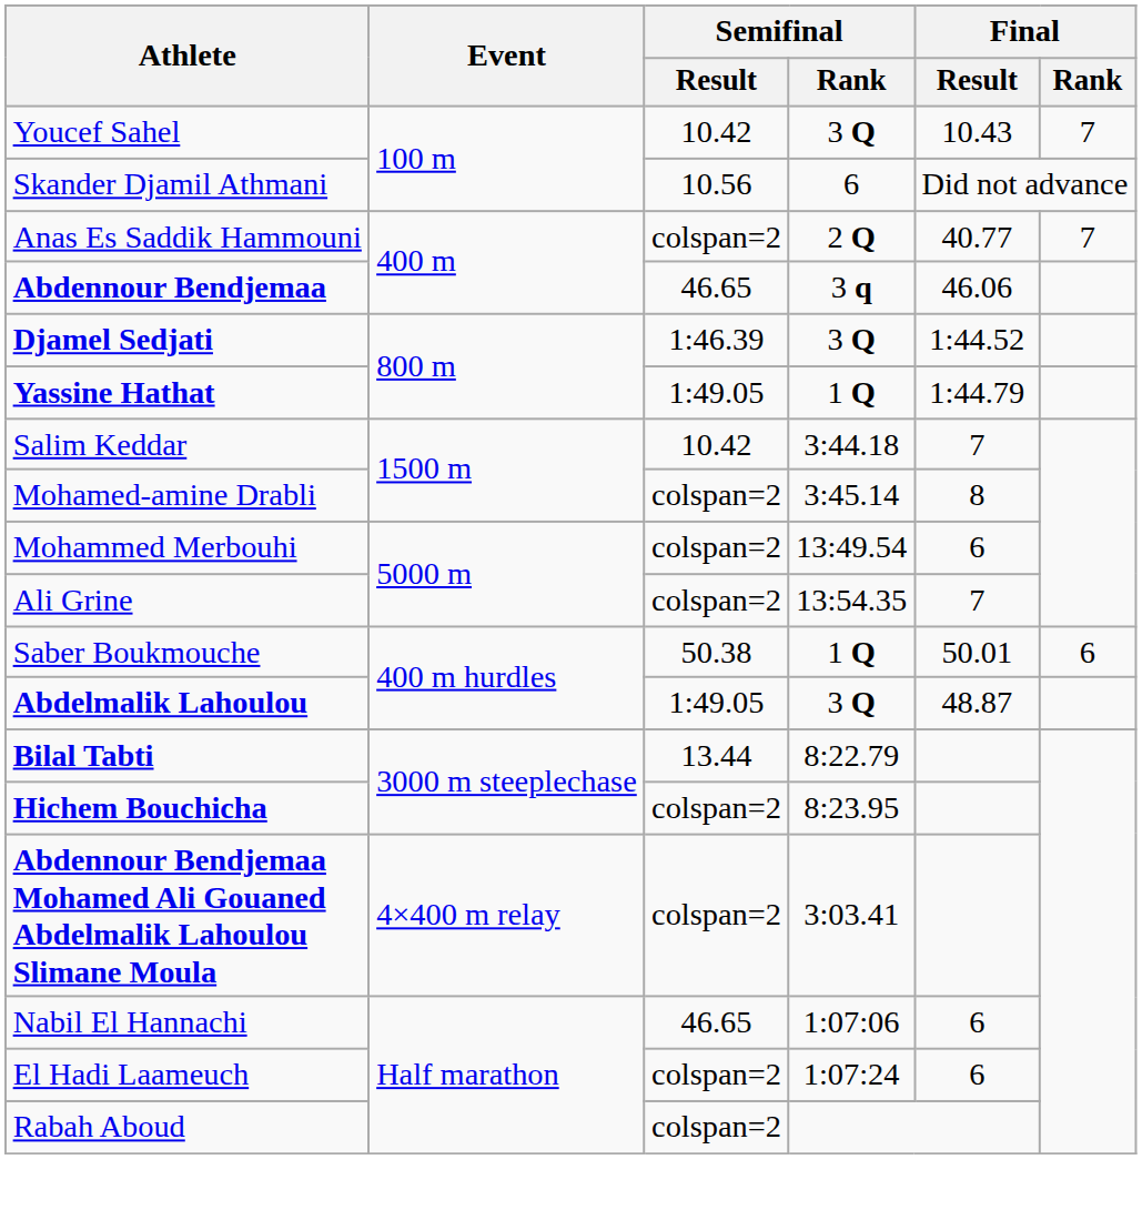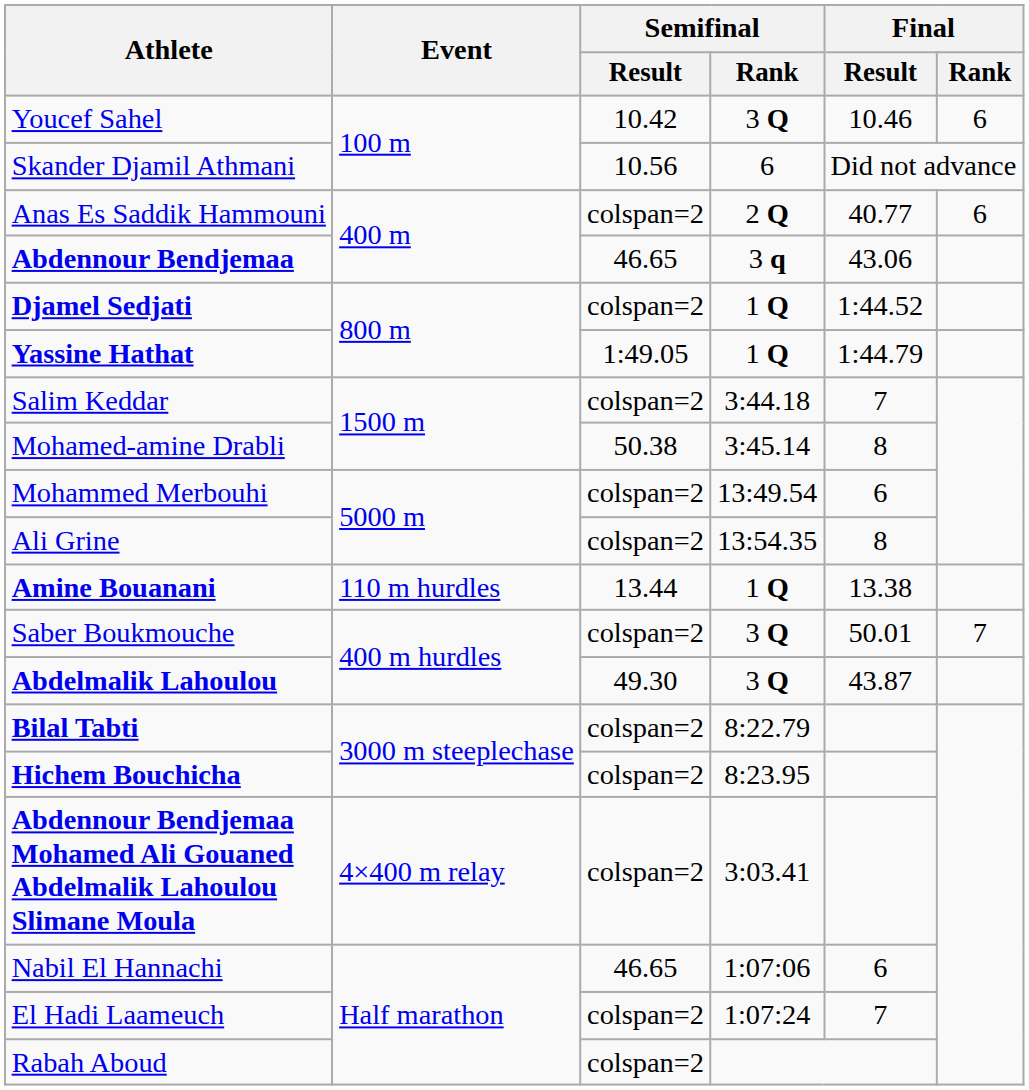 <table class="wikitable" style="font-size:90%">
 <tr>
 <th rowspan="2">Athlete</th>
 <th rowspan="2">Event</th>
 <th colspan="2">Semifinal</th>
 <th colspan="2">Final</th>
 </tr>
 <tr style="font-size:95%">
 <th>Result</th>
 <th>Rank</th>
 <th>Result</th>
 <th>Rank</th>
 </tr>
 <tr align=center>
 <td align=left><a href='#'>Youcef Sahel</a></td>
 <td align=left rowspan=2><a href='#'>100 m</a></td>
 <td>10.42 </td>
 <td>3 <strong>Q</strong></td>
-<td>10.43</td>
-<td>7</td>
+<td>10.46</td>
+<td>6</td>
 </tr>
 <tr align=center>
 <td align=left><a href='#'>Skander Djamil Athmani</a></td>
 <td>10.56</td>
 <td>6</td>
 <td colspan="2">Did not advance</td>
 </tr>
 <tr align=center>
 <td align=left><a href='#'>Anas Es Saddik Hammouni</a></td>
 <td align=left rowspan=2><a href='#'>400 m</a></td>
 <td>colspan=2 </td>
 <td>2 <strong>Q</strong></td>
 <td>40.77</td>
-<td>7</td>
+<td>6</td>
 </tr>
 <tr align=center>
 <td align=left><strong><a href='#'>Abdennour Bendjemaa</a></strong></td>
 <td>46.65</td>
 <td>3 <strong>q</strong></td>
-<td>46.06 </td>
+<td>43.06 </td>
 <td></td>
 </tr>
 <tr align=center>
 <td align=left><strong><a href='#'>Djamel Sedjati</a></strong></td>
 <td align=left rowspan=2><a href='#'>800 m</a></td>
-<td>1:46.39</td>
-<td>3 <strong>Q</strong></td>
+<td>colspan=2 </td>
+<td>1 <strong>Q</strong></td>
 <td>1:44.52</td>
 <td></td>
 </tr>
 <tr align=center>
 <td align=left><strong><a href='#'>Yassine Hathat</a></strong></td>
 <td>1:49.05</td>
 <td>1 <strong>Q</strong></td>
 <td>1:44.79</td>
 <td></td>
 </tr>
 <tr align=center>
 <td align=left><a href='#'>Salim Keddar</a></td>
 <td align=left rowspan=2><a href='#'>1500 m</a></td>
-<td>10.42 </td>
+<td>colspan=2 </td>
 <td>3:44.18</td>
 <td>7</td>
 </tr>
 <tr align=center>
 <td align=left><a href='#'>Mohamed-amine Drabli</a></td>
-<td>colspan=2 </td>
+<td>50.38</td>
 <td>3:45.14</td>
 <td>8</td>
 </tr>
 <tr align=center>
 <td align=left><a href='#'>Mohammed Merbouhi</a></td>
 <td align=left rowspan=2><a href='#'>5000 m</a></td>
 <td>colspan=2 </td>
 <td>13:49.54</td>
 <td>6</td>
 </tr>
 <tr align=center>
 <td align=left><a href='#'>Ali Grine</a></td>
 <td>colspan=2 </td>
 <td>13:54.35</td>
-<td>7</td>
+<td>8</td>
+</tr>
+<tr align=center>
+<td align=left><strong><a href='#'>Amine Bouanani</a></strong></td>
+<td align=left><a href='#'>110 m hurdles</a></td>
+<td>13.44 </td>
+<td>1 <strong>Q</strong></td>
+<td>13.38 </td>
+<td></td>
 </tr>
 <tr align=center>
 <td align=left><a href='#'>Saber Boukmouche</a></td>
 <td align=left rowspan=2><a href='#'>400 m hurdles</a></td>
-<td>50.38</td>
-<td>1 <strong>Q</strong></td>
+<td>colspan=2 </td>
+<td>3 <strong>Q</strong></td>
 <td>50.01</td>
-<td>6</td>
+<td>7</td>
 </tr>
 <tr align=center>
 <td align=left><strong><a href='#'>Abdelmalik Lahoulou</a></strong></td>
-<td>1:49.05</td>
+<td>49.30</td>
 <td>3 <strong>Q</strong></td>
-<td>48.87 </td>
+<td>43.87 </td>
 <td></td>
 </tr>
 <tr align=center>
 <td align=left><strong><a href='#'>Bilal Tabti</a></strong></td>
 <td align=left rowspan=2><a href='#'>3000 m steeplechase</a></td>
-<td>13.44 </td>
+<td>colspan=2 </td>
 <td>8:22.79</td>
 <td></td>
 </tr>
 <tr align=center>
 <td align=left><strong><a href='#'>Hichem Bouchicha</a></strong></td>
 <td>colspan=2 </td>
 <td>8:23.95</td>
 <td></td>
 </tr>
 <tr align=center>
 <td align=left><strong><a href='#'>Abdennour Bendjemaa</a><br><a href='#'>Mohamed Ali Gouaned</a><br><a href='#'>Abdelmalik Lahoulou</a><br><a href='#'>Slimane Moula</a></strong></td>
 <td align=left><a href='#'>4×400 m relay</a></td>
 <td>colspan=2 </td>
 <td>3:03.41</td>
 <td></td>
 </tr>
 <tr align=center>
 <td align=left><a href='#'>Nabil El Hannachi</a></td>
 <td align=left rowspan=3><a href='#'>Half marathon</a></td>
 <td>46.65</td>
 <td>1:07:06</td>
 <td>6</td>
 </tr>
 <tr align=center>
 <td align=left><a href='#'>El Hadi Laameuch</a></td>
 <td>colspan=2 </td>
 <td>1:07:24</td>
-<td>6</td>
+<td>7</td>
 </tr>
 <tr align=center>
 <td align=left><a href='#'>Rabah Aboud</a></td>
 <td>colspan=2 </td>
 <td colspan=2></td>
 </tr>
 </table>
